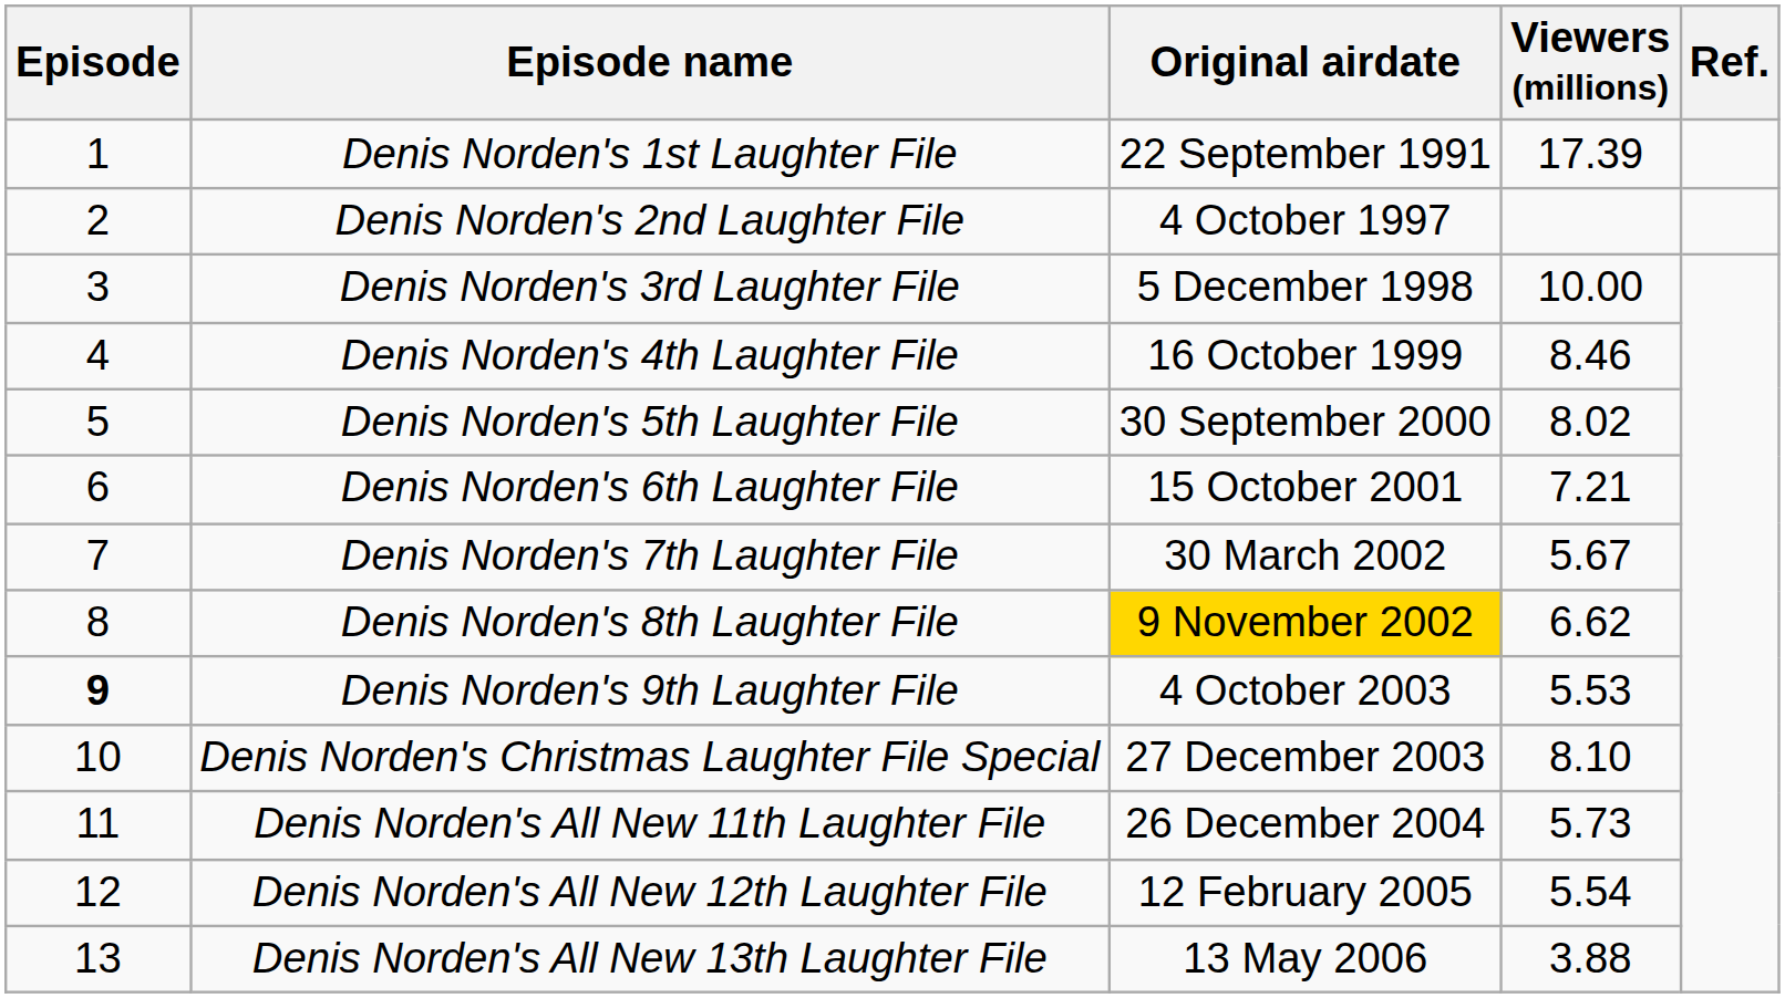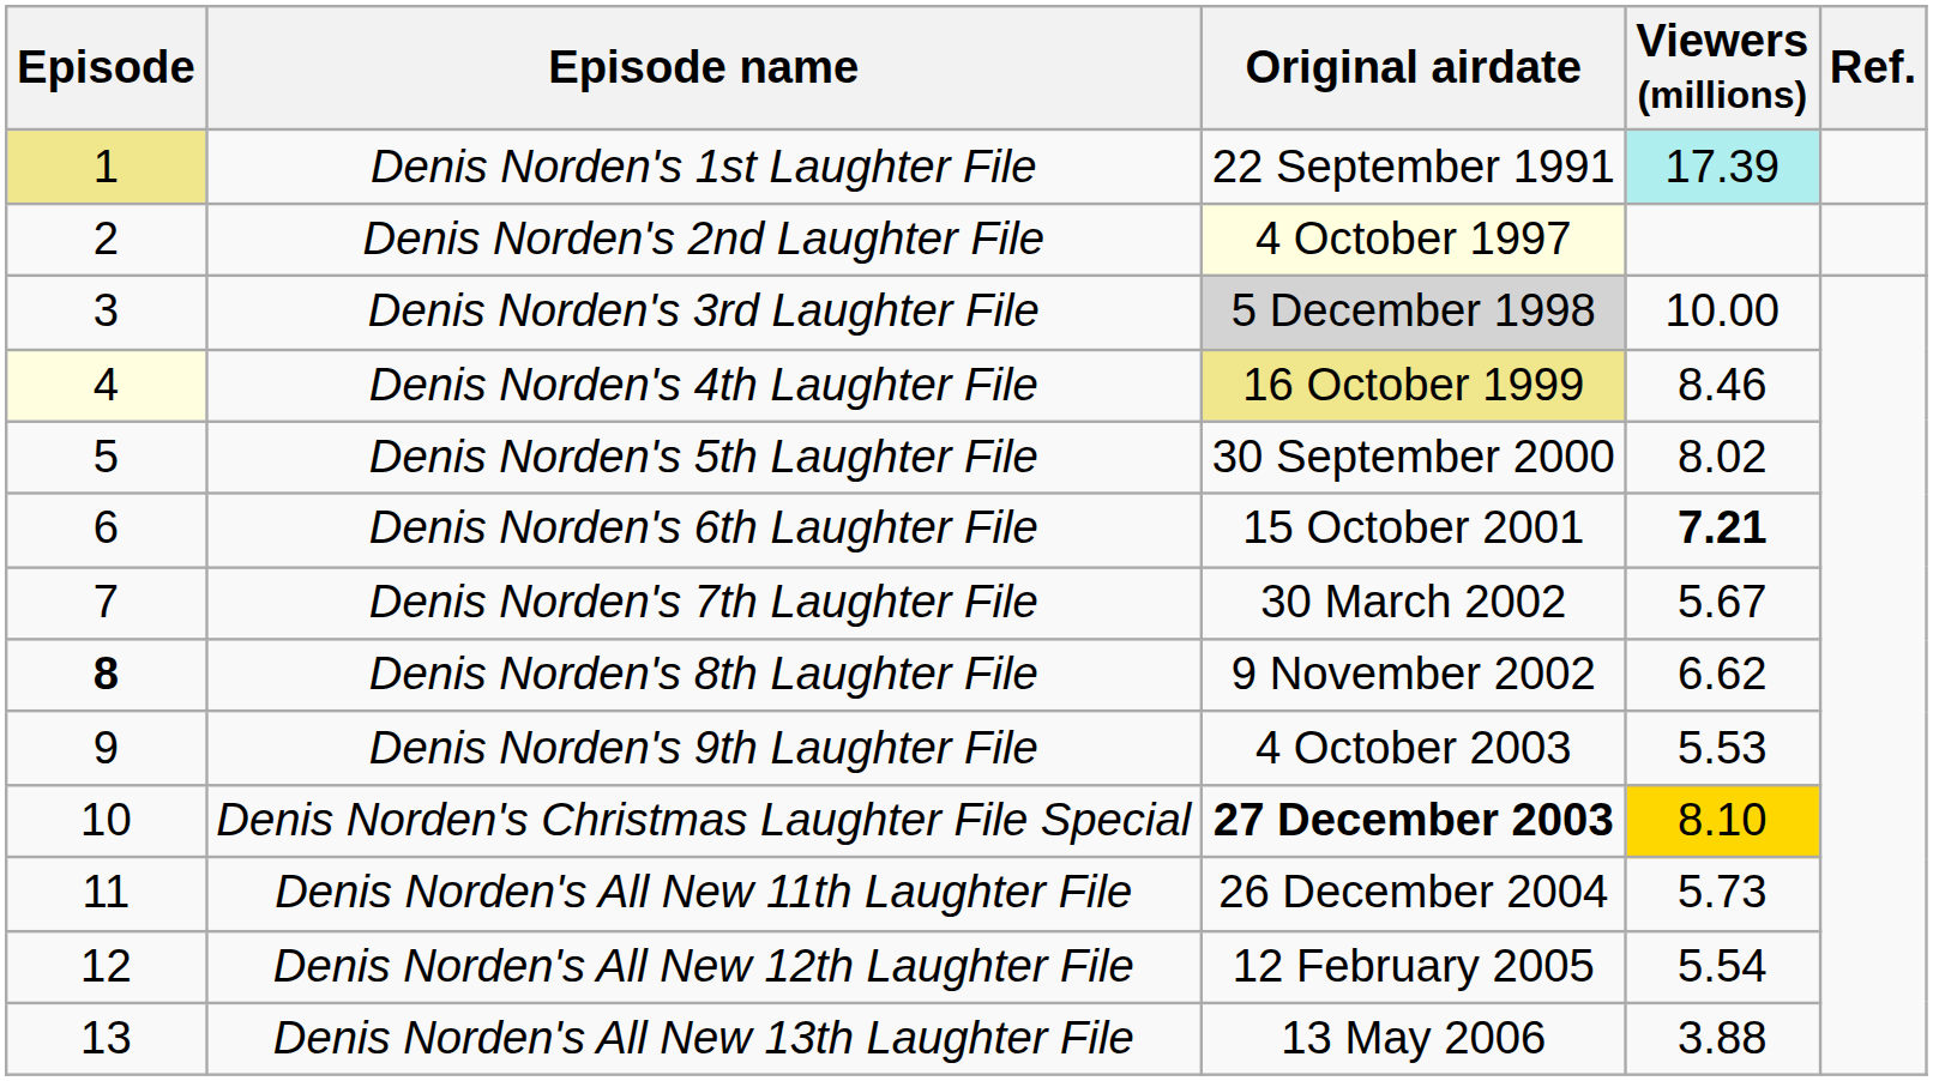 <table class="wikitable" style="text-align:center">
 <tr>
 <th>Episode</th>
 <th>Episode name</th>
 <th>Original airdate</th>
 <th>Viewers<br><small>(millions)</small></th>
 <th>Ref.</th>
 </tr>
 <tr>
-<td>1</td>
+<td style="background: khaki;">1</td>
 <td><em>Denis Norden's 1st Laughter File</em></td>
 <td>22 September 1991</td>
-<td>17.39</td>
+<td style="background: paleturquoise;">17.39</td>
 <td align="center"></td>
 </tr>
 <tr>
 <td>2</td>
 <td><em>Denis Norden's 2nd Laughter File</em></td>
-<td>4 October 1997</td>
+<td style="background: lightyellow;">4 October 1997</td>
 <td></td>
 <td></td>
 </tr>
 <tr>
 <td>3</td>
 <td><em>Denis Norden's 3rd Laughter File</em></td>
-<td>5 December 1998</td>
+<td style="background: lightgrey;">5 December 1998</td>
 <td>10.00</td>
 <td align="center" rowspan="11"></td>
 </tr>
 <tr>
-<td>4</td>
+<td style="background: lightyellow;">4</td>
 <td><em>Denis Norden's 4th Laughter File</em></td>
-<td>16 October 1999</td>
+<td style="background: khaki;">16 October 1999</td>
 <td>8.46</td>
 </tr>
 <tr>
 <td>5</td>
 <td><em>Denis Norden's 5th Laughter File</em></td>
 <td>30 September 2000</td>
 <td>8.02</td>
 </tr>
 <tr>
 <td>6</td>
 <td><em>Denis Norden's 6th Laughter File</em></td>
 <td>15 October 2001</td>
-<td>7.21</td>
+<td><strong>7.21</strong></td>
 </tr>
 <tr>
 <td>7</td>
 <td><em>Denis Norden's 7th Laughter File</em></td>
 <td>30 March 2002</td>
 <td>5.67</td>
 </tr>
 <tr>
-<td>8</td>
+<td><strong>8</strong></td>
 <td><em>Denis Norden's 8th Laughter File</em></td>
-<td style="background: gold;">9 November 2002</td>
+<td>9 November 2002</td>
 <td>6.62</td>
 </tr>
 <tr>
-<td><strong>9</strong></td>
+<td>9</td>
 <td><em>Denis Norden's 9th Laughter File</em></td>
 <td>4 October 2003</td>
 <td>5.53</td>
 </tr>
 <tr>
 <td>10</td>
 <td><em>Denis Norden's Christmas Laughter File Special</em></td>
-<td>27 December 2003</td>
-<td>8.10</td>
+<td><strong>27 December 2003</strong></td>
+<td style="background: gold;">8.10</td>
 </tr>
 <tr>
 <td>11</td>
 <td><em>Denis Norden's All New 11th Laughter File</em></td>
 <td>26 December 2004</td>
 <td>5.73</td>
 </tr>
 <tr>
 <td>12</td>
 <td><em>Denis Norden's All New 12th Laughter File</em></td>
 <td>12 February 2005</td>
 <td>5.54</td>
 </tr>
 <tr>
 <td>13</td>
 <td><em>Denis Norden's All New 13th Laughter File</em></td>
 <td>13 May 2006</td>
 <td>3.88</td>
 </tr>
 </table>
